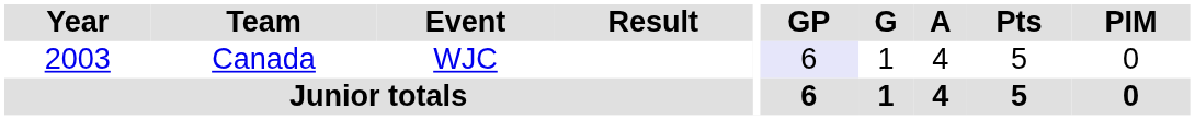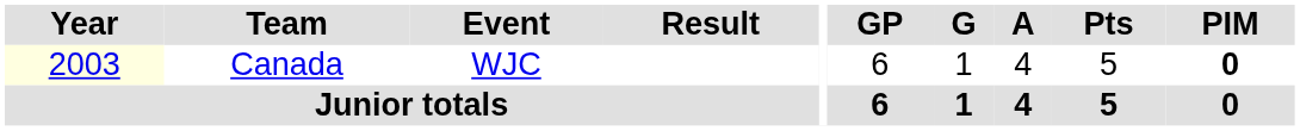 <table border="0" cellpadding="1" cellspacing="0" ID="Table3" style="text-align:center; width:40em">
 <tr ALIGN="center" bgcolor="#e0e0e0">
 <th>Year</th>
 <th>Team</th>
 <th>Event</th>
 <th>Result</th>
 <th rowspan="99" bgcolor="#ffffff"></th>
 <th>GP</th>
 <th>G</th>
 <th>A</th>
 <th>Pts</th>
 <th>PIM</th>
 </tr>
 <tr>
-<td><a href='#'>2003</a></td>
+<td style="background: lightyellow;"><a href='#'>2003</a></td>
 <td><a href='#'>Canada</a></td>
 <td><a href='#'>WJC</a></td>
 <td></td>
-<td style="background: lavender;">6</td>
+<td>6</td>
 <td>1</td>
 <td>4</td>
 <td>5</td>
-<td>0</td>
+<td><strong>0</strong></td>
 </tr>
 <tr bgcolor="#e0e0e0">
 <th colspan="4">Junior totals</th>
 <th>6</th>
 <th>1</th>
 <th>4</th>
 <th>5</th>
 <th>0</th>
 </tr>
 </table>
